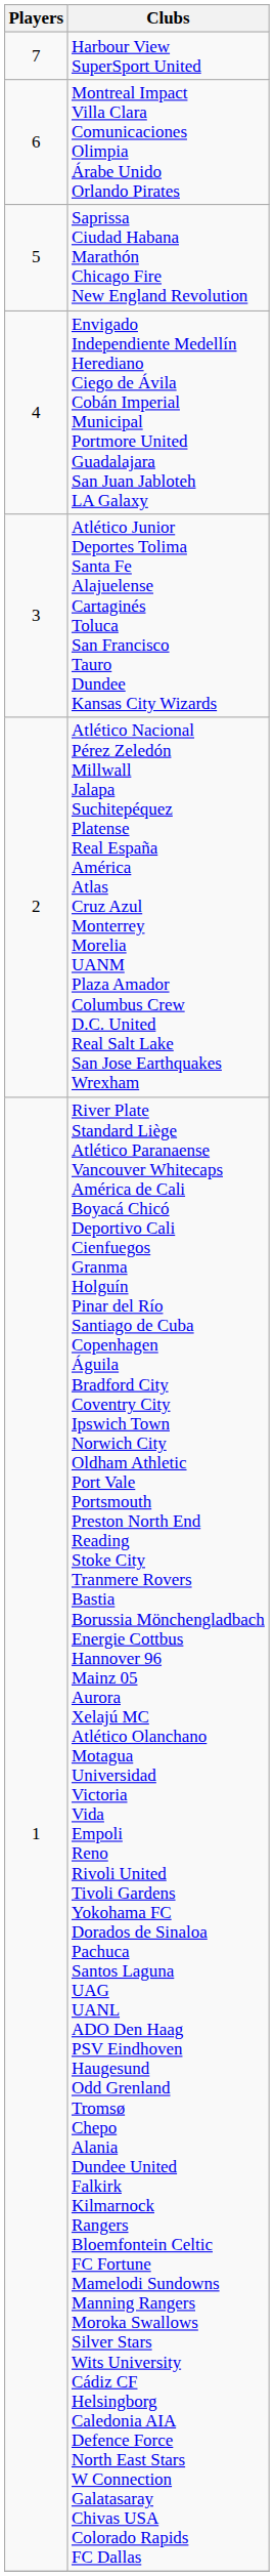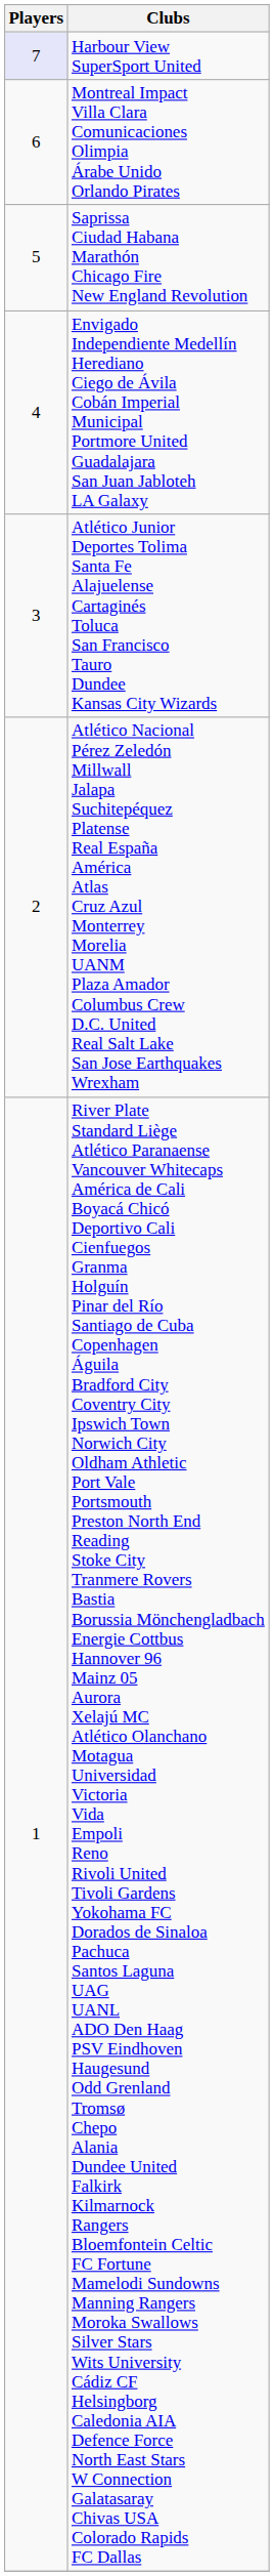 <table class="wikitable">
 <tr>
 <th>Players</th>
 <th>Clubs</th>
 </tr>
 <tr>
-<td align=center>7</td>
+<td align=center style="background: lavender;">7</td>
 <td> <a href='#'>Harbour View</a><br> <a href='#'>SuperSport United</a></td>
 </tr>
 <tr>
 <td align=center>6</td>
 <td> <a href='#'>Montreal Impact</a><br> <a href='#'>Villa Clara</a><br> <a href='#'>Comunicaciones</a><br> <a href='#'>Olimpia</a><br> <a href='#'>Árabe Unido</a><br> <a href='#'>Orlando Pirates</a></td>
 </tr>
 <tr>
 <td align=center>5</td>
 <td> <a href='#'>Saprissa</a><br> <a href='#'>Ciudad Habana</a><br> <a href='#'>Marathón</a><br> <a href='#'>Chicago Fire</a><br> <a href='#'>New England Revolution</a></td>
 </tr>
 <tr>
 <td align=center>4</td>
 <td> <a href='#'>Envigado</a><br> <a href='#'>Independiente Medellín</a><br> <a href='#'>Herediano</a><br> <a href='#'>Ciego de Ávila</a><br> <a href='#'>Cobán Imperial</a><br> <a href='#'>Municipal</a><br> <a href='#'>Portmore United</a><br> <a href='#'>Guadalajara</a><br> <a href='#'>San Juan Jabloteh</a><br> <a href='#'>LA Galaxy</a></td>
 </tr>
 <tr>
 <td align=center>3</td>
 <td> <a href='#'>Atlético Junior</a><br> <a href='#'>Deportes Tolima</a><br> <a href='#'>Santa Fe</a><br> <a href='#'>Alajuelense</a><br> <a href='#'>Cartaginés</a><br> <a href='#'>Toluca</a><br> <a href='#'>San Francisco</a><br> <a href='#'>Tauro</a><br> <a href='#'>Dundee</a><br> <a href='#'>Kansas City Wizards</a></td>
 </tr>
 <tr>
 <td align=center>2</td>
 <td> <a href='#'>Atlético Nacional</a><br> <a href='#'>Pérez Zeledón</a><br> <a href='#'>Millwall</a><br> <a href='#'>Jalapa</a><br> <a href='#'>Suchitepéquez</a><br> <a href='#'>Platense</a><br> <a href='#'>Real España</a><br> <a href='#'>América</a><br> <a href='#'>Atlas</a><br> <a href='#'>Cruz Azul</a><br> <a href='#'>Monterrey</a><br> <a href='#'>Morelia</a><br> <a href='#'>UANM</a><br> <a href='#'>Plaza Amador</a><br> <a href='#'>Columbus Crew</a><br> <a href='#'>D.C. United</a><br> <a href='#'>Real Salt Lake</a><br> <a href='#'>San Jose Earthquakes</a><br> <a href='#'>Wrexham</a></td>
 </tr>
 <tr>
 <td align=center>1</td>
 <td> <a href='#'>River Plate</a><br> <a href='#'>Standard Liège</a><br> <a href='#'>Atlético Paranaense</a><br> <a href='#'>Vancouver Whitecaps</a><br> <a href='#'>América de Cali</a><br> <a href='#'>Boyacá Chicó</a><br> <a href='#'>Deportivo Cali</a><br> <a href='#'>Cienfuegos</a><br> <a href='#'>Granma</a><br> <a href='#'>Holguín</a><br> <a href='#'>Pinar del Río</a><br> <a href='#'>Santiago de Cuba</a><br> <a href='#'>Copenhagen</a><br> <a href='#'>Águila</a><br> <a href='#'>Bradford City</a><br> <a href='#'>Coventry City</a><br> <a href='#'>Ipswich Town</a><br> <a href='#'>Norwich City</a><br> <a href='#'>Oldham Athletic</a><br> <a href='#'>Port Vale</a><br> <a href='#'>Portsmouth</a><br> <a href='#'>Preston North End</a><br> <a href='#'>Reading</a><br> <a href='#'>Stoke City</a><br> <a href='#'>Tranmere Rovers</a><br> <a href='#'>Bastia</a><br> <a href='#'>Borussia Mönchengladbach</a><br> <a href='#'>Energie Cottbus</a><br> <a href='#'>Hannover 96</a><br> <a href='#'>Mainz 05</a><br> <a href='#'>Aurora</a><br> <a href='#'>Xelajú MC</a><br> <a href='#'>Atlético Olanchano</a><br> <a href='#'>Motagua</a><br> <a href='#'>Universidad</a><br> <a href='#'>Victoria</a><br> <a href='#'>Vida</a><br> <a href='#'>Empoli</a><br> <a href='#'>Reno</a><br> <a href='#'>Rivoli United</a><br> <a href='#'>Tivoli Gardens</a><br> <a href='#'>Yokohama FC</a><br> <a href='#'>Dorados de Sinaloa</a><br> <a href='#'>Pachuca</a><br> <a href='#'>Santos Laguna</a><br> <a href='#'>UAG</a><br> <a href='#'>UANL</a><br> <a href='#'>ADO Den Haag</a><br> <a href='#'>PSV Eindhoven</a><br> <a href='#'>Haugesund</a><br> <a href='#'>Odd Grenland</a><br> <a href='#'>Tromsø</a><br> <a href='#'>Chepo</a><br> <a href='#'>Alania</a><br> <a href='#'>Dundee United</a><br> <a href='#'>Falkirk</a><br> <a href='#'>Kilmarnock</a><br> <a href='#'>Rangers</a><br> <a href='#'>Bloemfontein Celtic</a><br> <a href='#'>FC Fortune</a><br> <a href='#'>Mamelodi Sundowns</a><br> <a href='#'>Manning Rangers</a><br> <a href='#'>Moroka Swallows</a><br> <a href='#'>Silver Stars</a><br> <a href='#'>Wits University</a><br> <a href='#'>Cádiz CF</a><br> <a href='#'>Helsingborg</a><br> <a href='#'>Caledonia AIA</a><br> <a href='#'>Defence Force</a><br> <a href='#'>North East Stars</a><br> <a href='#'>W Connection</a><br> <a href='#'>Galatasaray</a><br> <a href='#'>Chivas USA</a><br> <a href='#'>Colorado Rapids</a><br> <a href='#'>FC Dallas</a></td>
 </tr>
 <tr>
 </tr>
 </table>
